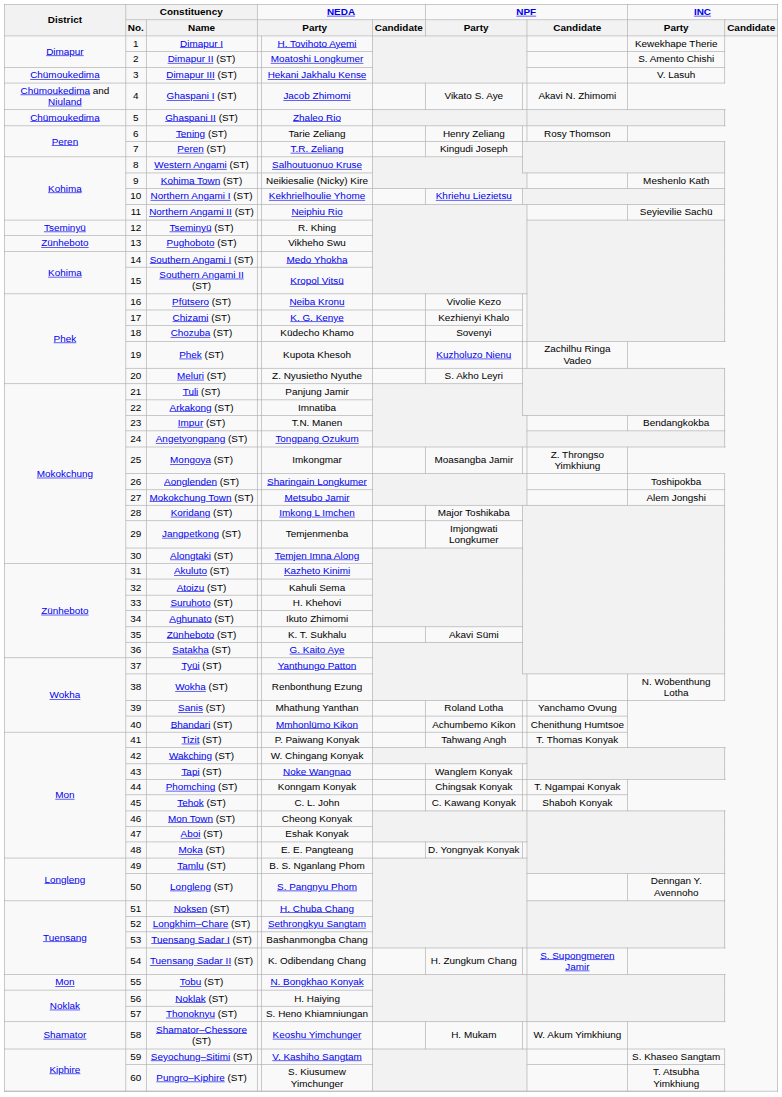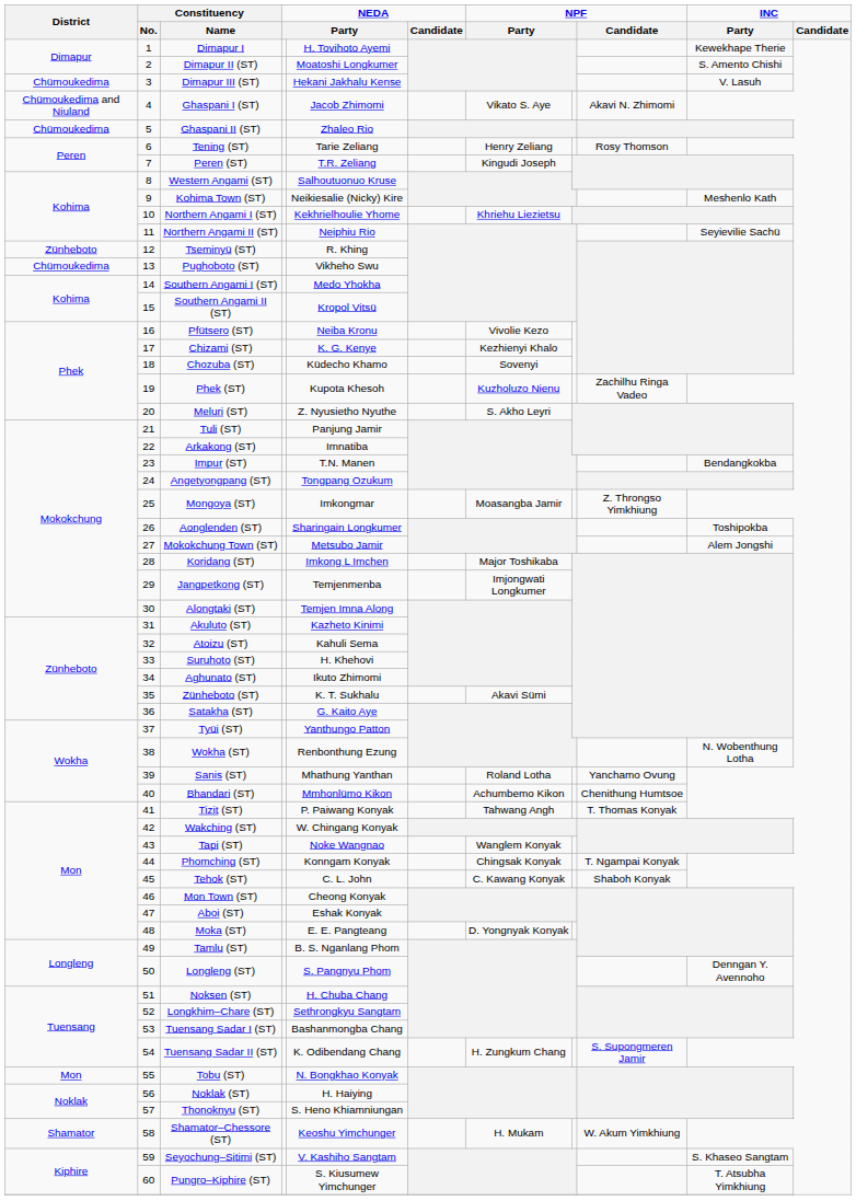 <table class="wikitable sortable" style="text-align:center;">
 <tr>
 <th rowspan="2">District</th>
 <th colspan="2">Constituency</th>
 <td colspan="3"><a href='#'><span><strong>NEDA</strong></span></a></td>
 <td colspan="3"><a href='#'><span><strong>NPF</strong></span></a></td>
 <td colspan="3"><a href='#'><span><strong>INC</strong></span></a></td>
 </tr>
 <tr>
 <th>No.</th>
 <th>Name</th>
 <th colspan="2">Party</th>
 <th>Candidate</th>
 <th colspan="2">Party</th>
 <th>Candidate</th>
 <th colspan="2">Party</th>
 <th>Candidate</th>
 </tr>
 <tr>
 <td rowspan="2"><a href='#'>Dimapur</a></td>
 <td>1</td>
 <td><a href='#'>Dimapur I</a></td>
 <td></td>
 <td><a href='#'>H. Tovihoto Ayemi</a></td>
 <th colspan="3" rowspan="3" bgcolor="#FED8B1"></th>
 <td></td>
 <td>Kewekhape Therie</td>
 </tr>
 <tr>
 <td>2</td>
 <td><a href='#'>Dimapur II</a> (ST)</td>
 <td></td>
 <td><a href='#'>Moatoshi Longkumer</a></td>
 <td></td>
 <td>S. Amento Chishi</td>
 </tr>
 <tr>
 <td rowspan="1"><a href='#'>Chümoukedima</a></td>
 <td>3</td>
 <td><a href='#'>Dimapur III</a> (ST)</td>
 <td></td>
 <td><a href='#'>Hekani Jakhalu Kense</a></td>
 <td></td>
 <td>V. Lasuh</td>
 </tr>
 <tr>
 <td rowspan="1"><a href='#'>Chümoukedima</a> and <a href='#'>Niuland</a></td>
 <td>4</td>
 <td><a href='#'>Ghaspani I</a> (ST)</td>
 <td></td>
 <td><a href='#'>Jacob Zhimomi</a></td>
 <td></td>
 <td>Vikato S. Aye</td>
 <td></td>
 <td>Akavi N. Zhimomi</td>
 </tr>
 <tr>
 <td rowspan="1"><a href='#'>Chümoukedima</a></td>
 <td>5</td>
 <td><a href='#'>Ghaspani II</a> (ST)</td>
 <td></td>
 <td><a href='#'>Zhaleo Rio</a></td>
 <th colspan="3" bgcolor="#FED8B1"></th>
 <th colspan="3"></th>
 </tr>
 <tr>
 <td rowspan="2"><a href='#'>Peren</a></td>
 <td>6</td>
 <td><a href='#'>Tening</a> (ST)</td>
 <td></td>
 <td>Tarie Zeliang</td>
 <td></td>
 <td>Henry Zeliang</td>
 <td></td>
 <td>Rosy Thomson</td>
 </tr>
 <tr>
 <td>7</td>
 <td><a href='#'>Peren</a> (ST)</td>
 <td></td>
 <td><a href='#'>T.R. Zeliang</a></td>
 <td></td>
 <td>Kingudi Joseph</td>
 <th colspan="3" rowspan="2" bgcolor="#FED8B1"></th>
 </tr>
 <tr>
 <td rowspan="4"><a href='#'>Kohima</a></td>
 <td>8</td>
 <td><a href='#'>Western Angami</a> (ST)</td>
 <td></td>
 <td><a href='#'>Salhoutuonuo Kruse</a></td>
 <th colspan="3" rowspan="2" bgcolor="#FED8B1"></th>
 </tr>
 <tr>
 <td>9</td>
 <td><a href='#'>Kohima Town</a> (ST)</td>
 <td></td>
 <td>Neikiesalie (Nicky) Kire</td>
 <td></td>
 <td>Meshenlo Kath</td>
 </tr>
 <tr>
 <td>10</td>
 <td><a href='#'>Northern Angami I</a> (ST)</td>
 <td></td>
 <td><a href='#'>Kekhrielhoulie Yhome</a></td>
 <td></td>
 <td><a href='#'>Khriehu Liezietsu</a></td>
 <th colspan="3" bgcolor="#FED8B1"></th>
 </tr>
 <tr>
 <td>11</td>
 <td><a href='#'>Northern Angami II</a> (ST)</td>
 <td></td>
 <td><a href='#'>Neiphiu Rio</a></td>
 <th colspan="3" rowspan="5" bgcolor="#FED8B1"></th>
 <td></td>
 <td>Seyievilie Sachü</td>
 </tr>
 <tr>
-<td rowspan="1"><a href='#'>Tseminyü</a></td>
+<td><a href='#'>Zünheboto</a></td>
 <td>12</td>
 <td><a href='#'>Tseminyü</a> (ST)</td>
 <td></td>
 <td>R. Khing</td>
 <th colspan="3" rowspan="7"></th>
 </tr>
 <tr>
-<td><a href='#'>Zünheboto</a></td>
+<td rowspan="1"><a href='#'>Chümoukedima</a></td>
 <td>13</td>
 <td><a href='#'>Pughoboto</a> (ST)</td>
 <td></td>
 <td>Vikheho Swu</td>
 </tr>
 <tr>
 <td rowspan="2"><a href='#'>Kohima</a></td>
 <td>14</td>
 <td><a href='#'>Southern Angami I</a> (ST)</td>
 <td></td>
 <td><a href='#'>Medo Yhokha</a></td>
 </tr>
 <tr>
 <td>15</td>
 <td><a href='#'>Southern Angami II</a> (ST)</td>
 <td></td>
 <td><a href='#'>Kropol Vitsü</a></td>
 </tr>
 <tr>
 <td rowspan="5"><a href='#'>Phek</a></td>
 <td>16</td>
 <td><a href='#'>Pfütsero</a> (ST)</td>
 <td></td>
 <td><a href='#'>Neiba Kronu</a></td>
 <td></td>
 <td>Vivolie Kezo</td>
 </tr>
 <tr>
 <td>17</td>
 <td><a href='#'>Chizami</a> (ST)</td>
 <td></td>
 <td><a href='#'>K. G. Kenye</a></td>
 <td></td>
 <td>Kezhienyi Khalo</td>
 </tr>
 <tr>
 <td>18</td>
 <td><a href='#'>Chozuba</a> (ST)</td>
 <td></td>
 <td>Küdecho Khamo</td>
 <td></td>
 <td>Sovenyi</td>
 </tr>
 <tr>
 <td>19</td>
 <td><a href='#'>Phek</a> (ST)</td>
 <td></td>
 <td>Kupota Khesoh</td>
 <td></td>
 <td><a href='#'>Kuzholuzo Nienu</a></td>
 <td></td>
 <td>Zachilhu Ringa Vadeo</td>
 </tr>
 <tr>
 <td>20</td>
 <td><a href='#'>Meluri</a> (ST)</td>
 <td></td>
 <td>Z. Nyusietho Nyuthe</td>
 <td></td>
 <td>S. Akho Leyri</td>
 <th colspan="3" rowspan="3" bgcolor="#FED8B1"></th>
 </tr>
 <tr>
 <td rowspan="10"><a href='#'>Mokokchung</a></td>
 <td>21</td>
 <td><a href='#'>Tuli</a> (ST)</td>
 <td></td>
 <td>Panjung Jamir</td>
 <th colspan="3" rowspan="4" bgcolor="#FED8B1"></th>
 </tr>
 <tr>
 <td>22</td>
 <td><a href='#'>Arkakong</a> (ST)</td>
 <td></td>
 <td>Imnatiba</td>
 </tr>
 <tr>
 <td>23</td>
 <td><a href='#'>Impur</a> (ST)</td>
 <td></td>
 <td>T.N. Manen</td>
 <td></td>
 <td>Bendangkokba</td>
 </tr>
 <tr>
 <td>24</td>
 <td><a href='#'>Angetyongpang</a> (ST)</td>
 <td></td>
 <td><a href='#'>Tongpang Ozukum</a></td>
 <th colspan="3" bgcolor="#FED8B1"></th>
 </tr>
 <tr>
 <td>25</td>
 <td><a href='#'>Mongoya</a> (ST)</td>
 <td></td>
 <td>Imkongmar</td>
 <td></td>
 <td>Moasangba Jamir</td>
 <td></td>
 <td>Z. Throngso Yimkhiung</td>
 </tr>
 <tr>
 <td>26</td>
 <td><a href='#'>Aonglenden</a> (ST)</td>
 <td></td>
 <td><a href='#'>Sharingain Longkumer</a></td>
 <th colspan="3" rowspan="2" bgcolor="#FED8B1"></th>
 <td></td>
 <td>Toshipokba</td>
 </tr>
 <tr>
 <td>27</td>
 <td><a href='#'>Mokokchung Town</a> (ST)</td>
 <td></td>
 <td><a href='#'>Metsubo Jamir</a></td>
 <td></td>
 <td>Alem Jongshi</td>
 </tr>
 <tr>
 <td>28</td>
 <td><a href='#'>Koridang</a> (ST)</td>
 <td></td>
 <td><a href='#'>Imkong L Imchen</a></td>
 <td></td>
 <td>Major Toshikaba</td>
 <th colspan="3" rowspan="10" bgcolor="#FED8B1"></th>
 </tr>
 <tr>
 <td>29</td>
 <td><a href='#'>Jangpetkong</a> (ST)</td>
 <td></td>
 <td>Temjenmenba</td>
 <td></td>
 <td>Imjongwati Longkumer</td>
 </tr>
 <tr>
 <td>30</td>
 <td><a href='#'>Alongtaki</a> (ST)</td>
 <td></td>
 <td><a href='#'>Temjen Imna Along</a></td>
 <th colspan="3" rowspan="5" bgcolor="#FED8B1"></th>
 </tr>
 <tr>
 <td rowspan="6"><a href='#'>Zünheboto</a></td>
 <td>31</td>
 <td><a href='#'>Akuluto</a> (ST)</td>
 <td></td>
 <td><a href='#'>Kazheto Kinimi</a></td>
 </tr>
 <tr>
 <td>32</td>
 <td><a href='#'>Atoizu</a> (ST)</td>
 <td></td>
 <td>Kahuli Sema</td>
 </tr>
 <tr>
 <td>33</td>
 <td><a href='#'>Suruhoto</a> (ST)</td>
 <td></td>
 <td>H. Khehovi</td>
 </tr>
 <tr>
 <td>34</td>
 <td><a href='#'>Aghunato</a> (ST)</td>
 <td></td>
 <td>Ikuto Zhimomi</td>
 </tr>
 <tr>
 <td>35</td>
 <td><a href='#'>Zünheboto</a> (ST)</td>
 <td></td>
 <td>K. T. Sukhalu</td>
 <td></td>
 <td>Akavi Sümi</td>
 </tr>
 <tr>
 <td>36</td>
 <td><a href='#'>Satakha</a> (ST)</td>
 <td></td>
 <td><a href='#'>G. Kaito Aye</a></td>
 <th colspan="3" rowspan="3" bgcolor="#FED8B1"></th>
 </tr>
 <tr>
 <td rowspan="4"><a href='#'>Wokha</a></td>
 <td>37</td>
 <td><a href='#'>Tyüi</a> (ST)</td>
 <td></td>
 <td><a href='#'>Yanthungo Patton</a></td>
 </tr>
 <tr>
 <td>38</td>
 <td><a href='#'>Wokha</a> (ST)</td>
 <td></td>
 <td>Renbonthung Ezung</td>
 <td></td>
 <td>N. Wobenthung Lotha</td>
 </tr>
 <tr>
 <td>39</td>
 <td><a href='#'>Sanis</a> (ST)</td>
 <td></td>
 <td>Mhathung Yanthan</td>
 <td></td>
 <td>Roland Lotha</td>
 <td></td>
 <td>Yanchamo Ovung</td>
 </tr>
 <tr>
 <td>40</td>
 <td><a href='#'>Bhandari</a> (ST)</td>
 <td></td>
 <td><a href='#'>Mmhonlümo Kikon</a></td>
 <td></td>
 <td>Achumbemo Kikon</td>
 <td></td>
 <td>Chenithung Humtsoe</td>
 </tr>
 <tr>
 <td rowspan="8"><a href='#'>Mon</a></td>
 <td>41</td>
 <td><a href='#'>Tizit</a> (ST)</td>
 <td></td>
 <td>P. Paiwang Konyak</td>
 <td></td>
 <td>Tahwang Angh</td>
 <td></td>
 <td>T. Thomas Konyak</td>
 </tr>
 <tr>
 <td>42</td>
 <td><a href='#'>Wakching</a> (ST)</td>
 <td></td>
 <td>W. Chingang Konyak</td>
 <th colspan="3" bgcolor="#FED8B1"></th>
 <th colspan="3" rowspan="2" bgcolor="#FED8B1"></th>
 </tr>
 <tr>
 <td>43</td>
 <td><a href='#'>Tapi</a> (ST)</td>
 <td></td>
 <td><a href='#'>Noke Wangnao</a></td>
 <td></td>
 <td>Wanglem Konyak</td>
 </tr>
 <tr>
 <td>44</td>
 <td><a href='#'>Phomching</a> (ST)</td>
 <td></td>
 <td>Konngam Konyak</td>
 <td></td>
 <td>Chingsak Konyak</td>
 <td></td>
 <td>T. Ngampai Konyak</td>
 </tr>
 <tr>
 <td>45</td>
 <td><a href='#'>Tehok</a> (ST)</td>
 <td></td>
 <td>C. L. John</td>
 <td></td>
 <td>C. Kawang Konyak</td>
 <td></td>
 <td>Shaboh Konyak</td>
 </tr>
 <tr>
 <td>46</td>
 <td><a href='#'>Mon Town</a> (ST)</td>
 <td></td>
 <td>Cheong Konyak</td>
 <th colspan="3" rowspan="2" bgcolor="#FED8B1"></th>
 <th colspan="3" rowspan="4" bgcolor="#FED8B1"></th>
 </tr>
 <tr>
 <td>47</td>
 <td><a href='#'>Aboi</a> (ST)</td>
 <td></td>
 <td>Eshak Konyak</td>
 </tr>
 <tr>
 <td>48</td>
 <td><a href='#'>Moka</a> (ST)</td>
 <td></td>
 <td>E. E. Pangteang</td>
 <td></td>
 <td>D. Yongnyak Konyak</td>
 </tr>
 <tr>
 <td rowspan="2"><a href='#'>Longleng</a></td>
 <td>49</td>
 <td><a href='#'>Tamlu</a> (ST)</td>
 <td></td>
 <td>B. S. Nganlang Phom</td>
 <th colspan="3" rowspan="5" bgcolor="#FED8B1"></th>
 </tr>
 <tr>
 <td>50</td>
 <td><a href='#'>Longleng</a> (ST)</td>
 <td></td>
 <td><a href='#'>S. Pangnyu Phom</a></td>
 <td></td>
 <td>Denngan Y. Avennoho</td>
 </tr>
 <tr>
 <td rowspan="4"><a href='#'>Tuensang</a></td>
 <td>51</td>
 <td><a href='#'>Noksen</a> (ST)</td>
 <td></td>
 <td><a href='#'>H. Chuba Chang</a></td>
 <th colspan="3" rowspan="3" bgcolor="#FED8B1"></th>
 </tr>
 <tr>
 <td>52</td>
 <td><a href='#'>Longkhim–Chare</a> (ST)</td>
 <td></td>
 <td><a href='#'>Sethrongkyu Sangtam</a></td>
 </tr>
 <tr>
 <td>53</td>
 <td><a href='#'>Tuensang Sadar I</a> (ST)</td>
 <td></td>
 <td>Bashanmongba Chang</td>
 </tr>
 <tr>
 <td>54</td>
 <td><a href='#'>Tuensang Sadar II</a> (ST)</td>
 <td></td>
 <td>K. Odibendang Chang</td>
 <td></td>
 <td>H. Zungkum Chang</td>
 <td></td>
 <td><a href='#'>S. Supongmeren Jamir</a></td>
 </tr>
 <tr>
 <td><a href='#'>Mon</a></td>
 <td>55</td>
 <td><a href='#'>Tobu</a> (ST)</td>
 <td></td>
 <td><a href='#'>N. Bongkhao Konyak</a></td>
 <th colspan="3" rowspan="3" bgcolor="#FED8B1"></th>
 <th colspan="3" rowspan="3" bgcolor="#FED8B1"></th>
 </tr>
 <tr>
 <td rowspan="2"><a href='#'>Noklak</a></td>
 <td>56</td>
 <td><a href='#'>Noklak</a> (ST)</td>
 <td></td>
 <td>H. Haiying</td>
 </tr>
 <tr>
 <td>57</td>
 <td><a href='#'>Thonoknyu</a> (ST)</td>
 <td></td>
 <td>S. Heno Khiamniungan</td>
 </tr>
 <tr>
 <td rowspan="1"><a href='#'>Shamator</a></td>
 <td>58</td>
 <td><a href='#'>Shamator–Chessore</a> (ST)</td>
 <td></td>
 <td><a href='#'>Keoshu Yimchunger</a></td>
 <td></td>
 <td>H. Mukam</td>
 <td></td>
 <td>W. Akum Yimkhiung</td>
 </tr>
 <tr>
 <td rowspan="2"><a href='#'>Kiphire</a></td>
 <td>59</td>
 <td><a href='#'>Seyochung–Sitimi</a> (ST)</td>
 <td></td>
 <td><a href='#'>V. Kashiho Sangtam</a></td>
 <th colspan="3" rowspan="2" bgcolor="#FED8B1"></th>
 <td></td>
 <td>S. Khaseo Sangtam</td>
 </tr>
 <tr>
 <td>60</td>
 <td><a href='#'>Pungro–Kiphire</a> (ST)</td>
 <td></td>
 <td>S. Kiusumew Yimchunger</td>
 <td></td>
 <td>T. Atsubha Yimkhiung</td>
 </tr>
 <tr>
 </tr>
 </table>
